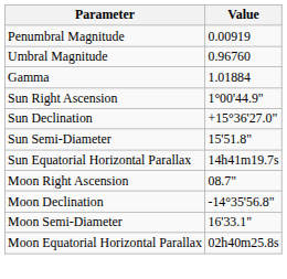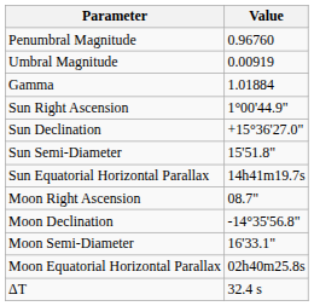 <table class="wikitable">
 <tr>
 <th>Parameter</th>
 <th>Value</th>
 </tr>
 <tr>
 <td>Penumbral Magnitude</td>
-<td>0.00919</td>
+<td>0.96760</td>
 </tr>
 <tr>
 <td>Umbral Magnitude</td>
-<td>0.96760</td>
+<td>0.00919</td>
 </tr>
 <tr>
 <td>Gamma</td>
 <td>1.01884</td>
 </tr>
 <tr>
 <td>Sun Right Ascension</td>
 <td>1°00'44.9"</td>
 </tr>
 <tr>
 <td>Sun Declination</td>
 <td>+15°36'27.0"</td>
 </tr>
 <tr>
 <td>Sun Semi-Diameter</td>
 <td>15'51.8"</td>
 </tr>
 <tr>
 <td>Sun Equatorial Horizontal Parallax</td>
 <td>14h41m19.7s</td>
 </tr>
 <tr>
 <td>Moon Right Ascension</td>
 <td>08.7"</td>
 </tr>
 <tr>
 <td>Moon Declination</td>
 <td>-14°35'56.8"</td>
 </tr>
 <tr>
 <td>Moon Semi-Diameter</td>
 <td>16'33.1"</td>
 </tr>
 <tr>
 <td>Moon Equatorial Horizontal Parallax</td>
 <td>02h40m25.8s</td>
 </tr>
+<tr>
+<td>ΔT</td>
+<td>32.4 s</td>
+</tr>
 </table>
